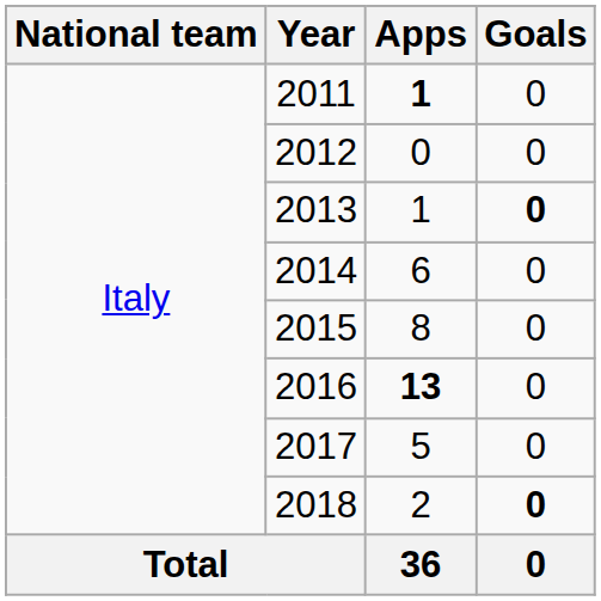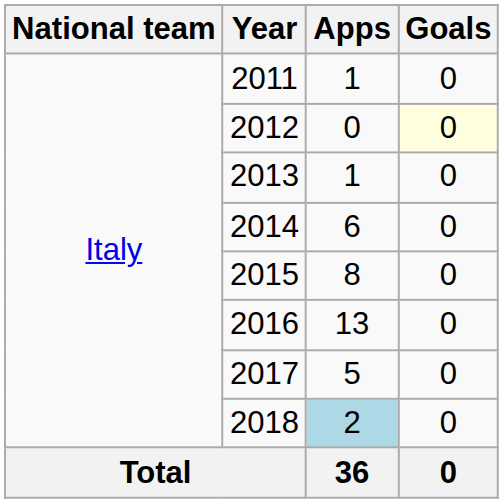 <table class="wikitable" style="text-align:center">
 <tr>
 <th>National team</th>
 <th>Year</th>
 <th>Apps</th>
 <th>Goals</th>
 </tr>
 <tr>
 <td rowspan="8"><a href='#'>Italy</a></td>
 <td>2011</td>
-<td><strong>1</strong></td>
+<td>1</td>
 <td>0</td>
 </tr>
 <tr>
 <td>2012</td>
 <td>0</td>
-<td>0</td>
+<td style="background: lightyellow;">0</td>
 </tr>
 <tr>
 <td>2013</td>
 <td>1</td>
-<td><strong>0</strong></td>
+<td>0</td>
 </tr>
 <tr>
 <td>2014</td>
 <td>6</td>
 <td>0</td>
 </tr>
 <tr>
 <td>2015</td>
 <td>8</td>
 <td>0</td>
 </tr>
 <tr>
 <td>2016</td>
-<td><strong>13</strong></td>
+<td>13</td>
 <td>0</td>
 </tr>
 <tr>
 <td>2017</td>
 <td>5</td>
 <td>0</td>
 </tr>
 <tr>
 <td>2018</td>
-<td>2</td>
-<td><strong>0</strong></td>
+<td style="background: lightblue;">2</td>
+<td>0</td>
 </tr>
 <tr>
 <th colspan="2">Total</th>
 <th>36</th>
 <th>0</th>
 </tr>
 </table>
